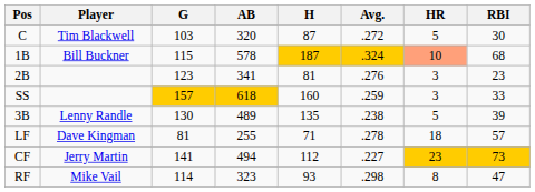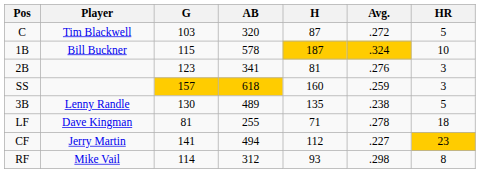 <table class="wikitable sortable">
 <tr>
 <th bgcolor="#DDDDFF" width="5%">Pos</th>
 <th bgcolor="#DDDDFF" width="16%">Player</th>
 <th bgcolor="#DDDDFF" width="9%">G</th>
 <th bgcolor="#DDDDFF" width="9%">AB</th>
 <th bgcolor="#DDDDFF" width="9%">H</th>
 <th bgcolor="#DDDDFF" width="9%">Avg.</th>
 <th bgcolor="#DDDDFF" width="9%">HR</th>
-<th bgcolor="#DDDDFF" width="9%">RBI</th>
 </tr>
 <tr align="center">
 <td>C</td>
 <td><a href='#'>Tim Blackwell</a></td>
 <td>103</td>
 <td>320</td>
 <td>87</td>
 <td>.272</td>
 <td>5</td>
-<td>30</td>
 </tr>
 <tr align=center>
 <td>1B</td>
 <td><a href='#'>Bill Buckner</a></td>
 <td>115</td>
 <td>578</td>
 <td style="background:#fc0;">187</td>
 <td style="background:#fc0;">.324</td>
-<td style="background: lightsalmon;">10</td>
-<td>68</td>
+<td>10</td>
 </tr>
 <tr align=center>
 <td>2B</td>
 <td></td>
 <td>123</td>
 <td>341</td>
 <td>81</td>
 <td>.276</td>
 <td>3</td>
-<td>23</td>
 </tr>
 <tr align="center">
 <td>SS</td>
 <td></td>
 <td style="background:#fc0;">157</td>
 <td style="background:#fc0;">618</td>
 <td>160</td>
 <td>.259</td>
 <td>3</td>
-<td>33</td>
 </tr>
 <tr align="center">
 <td>3B</td>
 <td><a href='#'>Lenny Randle</a></td>
 <td>130</td>
 <td>489</td>
 <td>135</td>
 <td>.238</td>
 <td>5</td>
-<td>39</td>
 </tr>
 <tr align=center>
 <td>LF</td>
 <td><a href='#'>Dave Kingman</a></td>
 <td>81</td>
 <td>255</td>
 <td>71</td>
 <td>.278</td>
 <td>18</td>
-<td>57</td>
 </tr>
 <tr align=center>
 <td>CF</td>
 <td><a href='#'>Jerry Martin</a></td>
 <td>141</td>
 <td>494</td>
 <td>112</td>
 <td>.227</td>
 <td style="background:#fc0;">23</td>
-<td style="background:#fc0;">73</td>
 </tr>
 <tr align=center>
 <td>RF</td>
 <td><a href='#'>Mike Vail</a></td>
 <td>114</td>
-<td>323</td>
+<td>312</td>
 <td>93</td>
 <td>.298</td>
 <td>8</td>
-<td>47</td>
 </tr>
 </table>
